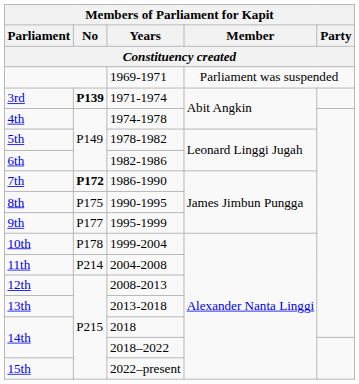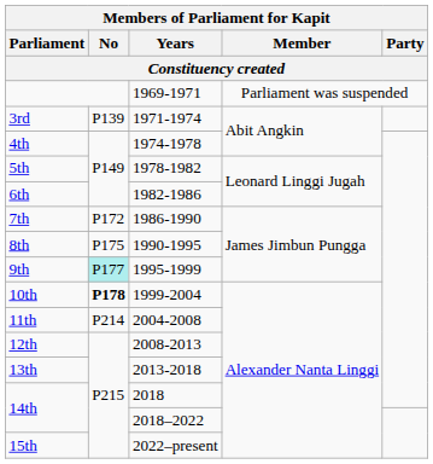 <table class=wikitable>
 <tr>
 <th colspan="5">Members of Parliament for Kapit</th>
 </tr>
 <tr>
 <th>Parliament</th>
 <th>No</th>
 <th>Years</th>
 <th>Member</th>
 <th>Party</th>
 </tr>
 <tr>
 <th colspan="5" align="center"><em>Constituency created</em></th>
 </tr>
 <tr>
 <td colspan="2"></td>
 <td>1969-1971</td>
 <td colspan=2 align=center>Parliament was suspended</td>
 </tr>
 <tr>
 <td><a href='#'>3rd</a></td>
-<td><strong>P139</strong></td>
+<td>P139</td>
 <td>1971-1974</td>
 <td rowspan=2>Abit Angkin</td>
 <td></td>
 </tr>
 <tr>
 <td><a href='#'>4th</a></td>
 <td rowspan="3">P149</td>
 <td>1974-1978</td>
 <td rowspan=11></td>
 </tr>
 <tr>
 <td><a href='#'>5th</a></td>
 <td>1978-1982</td>
 <td rowspan=2>Leonard Linggi Jugah</td>
 </tr>
 <tr>
 <td><a href='#'>6th</a></td>
 <td>1982-1986</td>
 </tr>
 <tr>
 <td><a href='#'>7th</a></td>
-<td><strong>P172</strong></td>
+<td>P172</td>
 <td>1986-1990</td>
 <td rowspan=3>James Jimbun Pungga</td>
 </tr>
 <tr>
 <td><a href='#'>8th</a></td>
 <td>P175</td>
 <td>1990-1995</td>
 </tr>
 <tr>
 <td><a href='#'>9th</a></td>
-<td>P177</td>
+<td style="background: paleturquoise;">P177</td>
 <td>1995-1999</td>
 </tr>
 <tr>
 <td><a href='#'>10th</a></td>
-<td>P178</td>
+<td><strong>P178</strong></td>
 <td>1999-2004</td>
 <td rowspan="7"><a href='#'>Alexander Nanta Linggi</a></td>
 </tr>
 <tr>
 <td><a href='#'>11th</a></td>
 <td>P214</td>
 <td>2004-2008</td>
 </tr>
 <tr>
 <td><a href='#'>12th</a></td>
 <td rowspan="5">P215</td>
 <td>2008-2013</td>
 </tr>
 <tr>
 <td><a href='#'>13th</a></td>
 <td>2013-2018</td>
 </tr>
 <tr>
 <td rowspan=2><a href='#'>14th</a></td>
 <td>2018</td>
 </tr>
 <tr>
 <td>2018–2022</td>
 <td rowspan="2"></td>
 </tr>
 <tr>
 <td><a href='#'>15th</a></td>
 <td>2022–present</td>
 </tr>
 </table>
